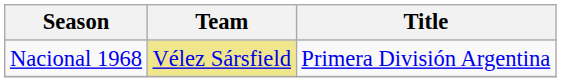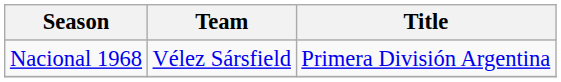 <table class="wikitable">
 <tr>
 <th>Season</th>
 <th>Team</th>
 <th>Title</th>
 </tr>
 <tr>
 <td><a href='#'>Nacional 1968</a></td>
-<td style="background: khaki;"><a href='#'>Vélez Sársfield</a></td>
+<td><a href='#'>Vélez Sársfield</a></td>
 <td><a href='#'>Primera División Argentina</a></td>
 </tr>
 <tr>
 </tr>
 </table>
